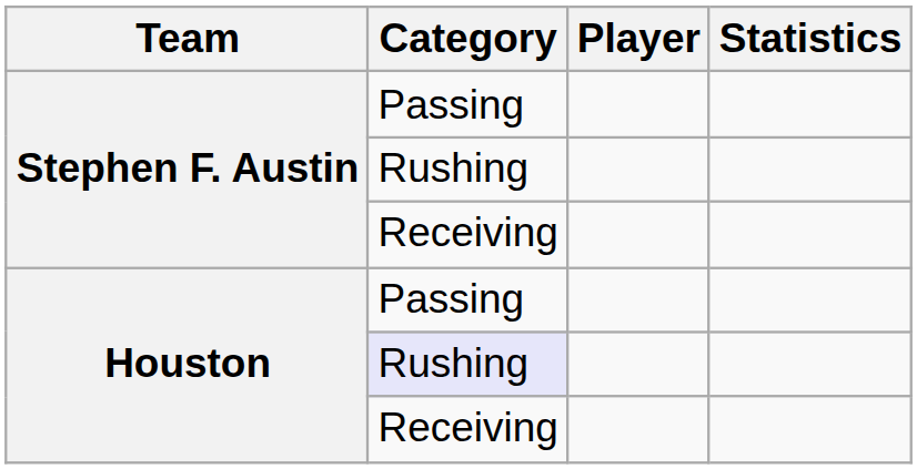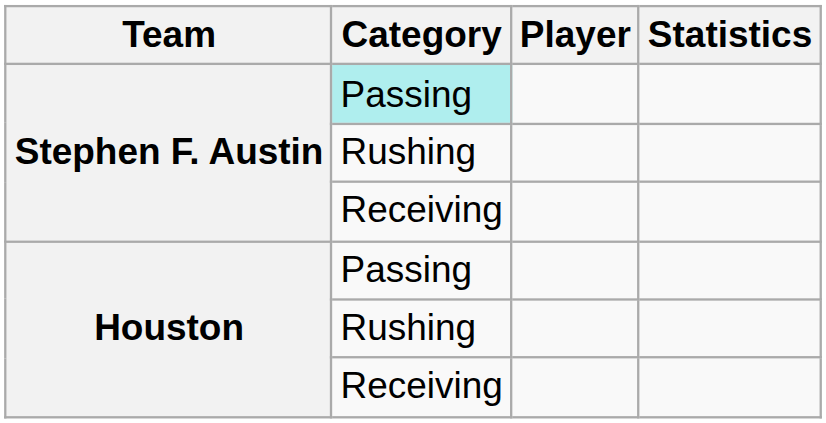 <table class="wikitable" style="float:right">
 <tr>
 <th>Team</th>
 <th>Category</th>
 <th>Player</th>
 <th>Statistics</th>
 </tr>
 <tr>
 <th rowspan=3>Stephen F. Austin</th>
-<td>Passing</td>
+<td style="background: paleturquoise;">Passing</td>
 <td></td>
 <td></td>
 </tr>
 <tr>
 <td>Rushing</td>
 <td></td>
 <td></td>
 </tr>
 <tr>
 <td>Receiving</td>
 <td></td>
 <td></td>
 </tr>
 <tr>
 <th rowspan=3>Houston</th>
 <td>Passing</td>
 <td></td>
 <td></td>
 </tr>
 <tr>
-<td style="background: lavender;">Rushing</td>
+<td>Rushing</td>
 <td></td>
 <td></td>
 </tr>
 <tr>
 <td>Receiving</td>
 <td></td>
 <td></td>
 </tr>
 </table>
